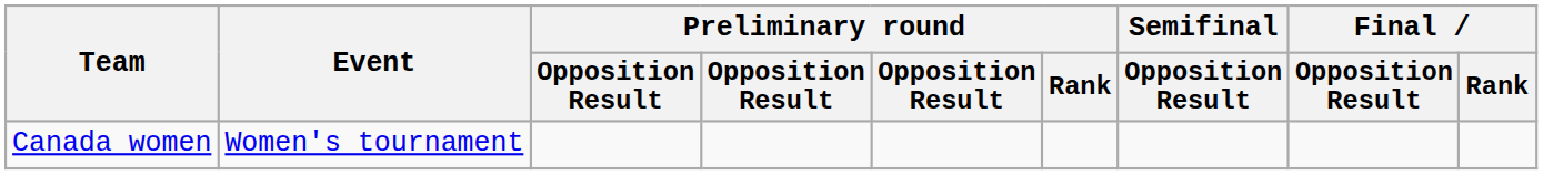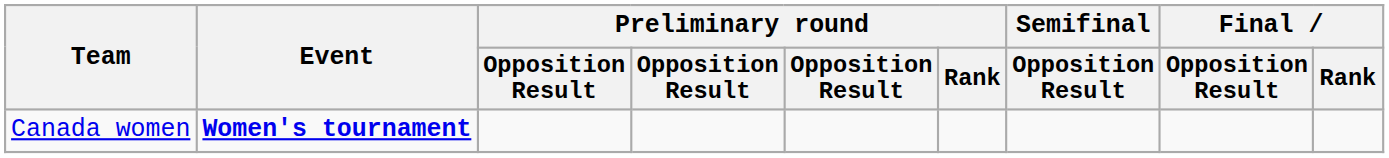 <table class=wikitable style=font-size:90%;text-align:center>
 <tr>
 <th rowspan=2>Team</th>
 <th rowspan=2>Event</th>
 <th colspan=4>Preliminary round</th>
 <th>Semifinal</th>
 <th colspan=2>Final / </th>
 </tr>
 <tr style=font-size:95%>
 <th>Opposition<br>Result</th>
 <th>Opposition<br>Result</th>
 <th>Opposition<br>Result</th>
 <th>Rank</th>
 <th>Opposition<br>Result</th>
 <th>Opposition<br>Result</th>
 <th>Rank</th>
 </tr>
 <tr>
 <td align=left><a href='#'>Canada women</a></td>
-<td align=left><a href='#'>Women's tournament</a></td>
+<td align=left><strong><a href='#'>Women's tournament</a></strong></td>
 <td></td>
 <td></td>
 <td></td>
 <td></td>
 <td></td>
 <td></td>
 <td></td>
 </tr>
 </table>
